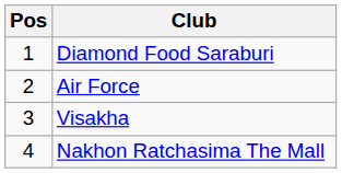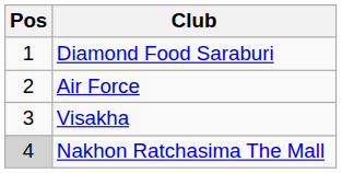 <table class="wikitable sortable" style="text-align: right;">
 <tr>
 <th class="unsortable" width=25>Pos</th>
 <th class="unsortable" width=215>Club</th>
 </tr>
 <tr>
 <td style="text-align:center;">1</td>
 <td style="text-align:left;"><a href='#'>Diamond Food Saraburi</a></td>
 </tr>
 <tr>
 <td style="text-align:center;">2</td>
 <td style="text-align:left;"><a href='#'>Air Force</a></td>
 </tr>
 <tr>
 <td style="text-align:center;">3</td>
 <td style="text-align:left;"><a href='#'>Visakha</a></td>
 </tr>
 <tr>
-<td style="text-align:center;">4</td>
+<td style="background: lightgrey; text-align:center;">4</td>
 <td style="text-align:left;"><a href='#'>Nakhon Ratchasima The Mall</a></td>
 </tr>
 </table>
